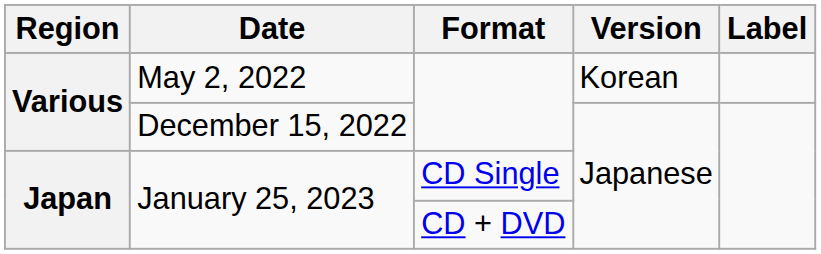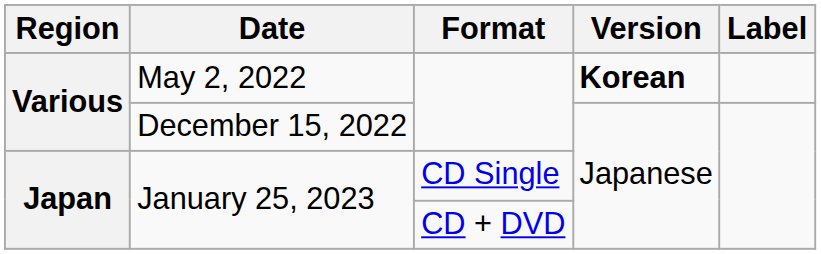 <table class="wikitable plainrowheaders">
 <tr>
 <th scope="col">Region</th>
 <th scope="col">Date</th>
 <th scope="col">Format</th>
 <th scope="col">Version</th>
 <th scope="col">Label</th>
 </tr>
 <tr>
 <th scope="row" rowspan="2">Various</th>
 <td>May 2, 2022</td>
 <td rowspan="2"></td>
-<td>Korean</td>
+<td><strong>Korean</strong></td>
 <td></td>
 </tr>
 <tr>
 <td>December 15, 2022</td>
 <td rowspan="3">Japanese</td>
 <td rowspan="3"></td>
 </tr>
 <tr>
 <th scope="row" rowspan="2">Japan</th>
 <td rowspan="2">January 25, 2023</td>
 <td><a href='#'>CD Single</a></td>
 </tr>
 <tr>
 <td><a href='#'>CD</a> + <a href='#'>DVD</a></td>
 </tr>
 </table>
